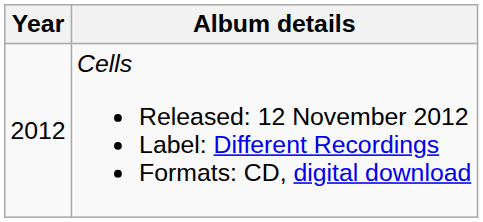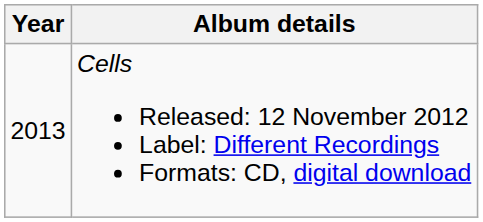 <table class="wikitable">
 <tr>
 <th>Year</th>
 <th>Album details</th>
 </tr>
 <tr>
-<td>2012</td>
+<td>2013</td>
 <td><em>Cells</em><br><ul><li>Released: 12 November 2012</li><li>Label: <a href='#'>Different Recordings</a></li><li>Formats: CD, <a href='#'>digital download</a></li></ul></td>
 </tr>
 </table>
